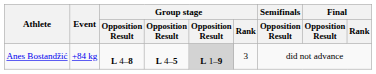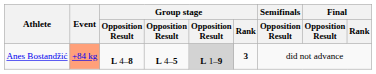 <table class="wikitable" style="font-size:90%">
 <tr>
 <th rowspan=2>Athlete</th>
 <th rowspan=2>Event</th>
 <th colspan=4>Group stage</th>
 <th>Semifinals</th>
 <th colspan=2>Final</th>
 </tr>
 <tr style="font-size:95%">
 <th>Opposition<br>Result</th>
 <th>Opposition<br>Result</th>
 <th>Opposition<br>Result</th>
 <th>Rank</th>
 <th>Opposition<br>Result</th>
 <th>Opposition<br>Result</th>
 <th>Rank</th>
 </tr>
 <tr align=center>
 <td align=left><a href='#'>Anes Bostandžić</a></td>
-<td align=left><a href='#'>+84 kg</a></td>
+<td align=left style="background: lightsalmon;"><a href='#'>+84 kg</a></td>
 <td><br><strong>L</strong> 4–<strong>8</strong></td>
 <td><br><strong>L</strong> 4–<strong>5</strong></td>
 <td style="background: lightgrey;"><br><strong>L</strong> 1–<strong>9</strong></td>
-<td>3</td>
+<td><strong>3</strong></td>
 <td colspan=3>did not advance</td>
 </tr>
 </table>
